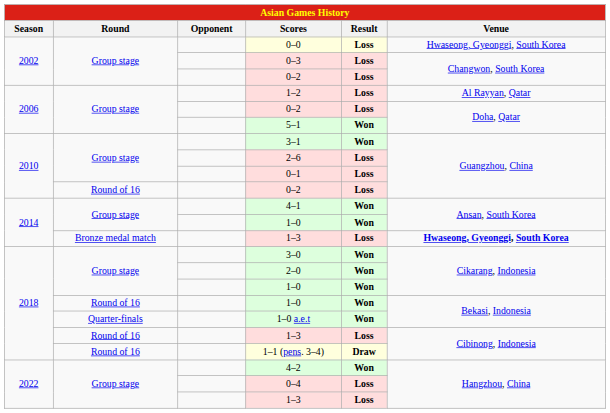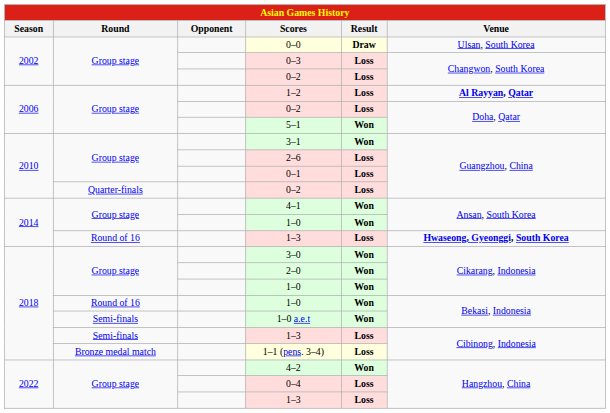 <table class="wikitable collapsible collapsed" style="text-align:center; font-size:90%; width:70%;">
 <tr>
 <th colspan="6" style="background: #DB2017; color: #FFFF00;">Asian Games History</th>
 </tr>
 <tr>
 <th>Season</th>
 <th>Round</th>
 <th>Opponent</th>
 <th>Scores</th>
 <th>Result</th>
 <th>Venue</th>
 </tr>
 <tr>
 <td rowspan="3"><a href='#'>2002</a></td>
 <td rowspan="3"><a href='#'>Group stage</a></td>
 <td style="text-align:left"></td>
 <td style="background:#ffd;">0–0</td>
-<td style="background:#ffd;"><strong>Loss</strong></td>
-<td rowspan="1"> <a href='#'>Hwaseong, Gyeonggi</a>, <a href='#'>South Korea</a></td>
+<td style="background:#ffd;"><strong>Draw</strong></td>
+<td rowspan="1"> <a href='#'>Ulsan</a>, <a href='#'>South Korea</a></td>
 </tr>
 <tr>
 <td style="text-align:left"></td>
 <td style="background:#fdd;">0–3</td>
 <td style="background:#fdd;"><strong>Loss</strong></td>
 <td rowspan="2"> <a href='#'>Changwon</a>, <a href='#'>South Korea</a></td>
 </tr>
 <tr>
 <td style="text-align:left"></td>
 <td style="background:#fdd;">0–2</td>
 <td style="background:#fdd;"><strong>Loss</strong></td>
 </tr>
 <tr>
 <td rowspan="3"><a href='#'>2006</a></td>
 <td rowspan="3"><a href='#'>Group stage</a></td>
 <td style="text-align:left"></td>
 <td style="background:#fdd;">1–2</td>
 <td style="background:#fdd;"><strong>Loss</strong></td>
-<td rowspan="1"> <a href='#'>Al Rayyan</a>, <a href='#'>Qatar</a></td>
+<td rowspan="1"><strong> <a href='#'>Al Rayyan</a>, <a href='#'>Qatar</a></strong></td>
 </tr>
 <tr>
 <td style="text-align:left"></td>
 <td style="background:#fdd;">0–2</td>
 <td style="background:#fdd;"><strong>Loss</strong></td>
 <td rowspan="2"> <a href='#'>Doha</a>, <a href='#'>Qatar</a></td>
 </tr>
 <tr>
 <td style="text-align:left"></td>
 <td style="background:#dfd;">5–1</td>
 <td style="background:#dfd;"><strong>Won</strong></td>
 </tr>
 <tr>
 <td rowspan="4"><a href='#'>2010</a></td>
 <td rowspan="3"><a href='#'>Group stage</a></td>
 <td style="text-align:left"></td>
 <td style="background:#dfd;">3–1</td>
 <td style="background:#dfd;"><strong>Won</strong></td>
 <td rowspan="4"> <a href='#'>Guangzhou</a>, <a href='#'>China</a></td>
 </tr>
 <tr>
 <td style="text-align:left"></td>
 <td style="background:#fdd;">2–6</td>
 <td style="background:#fdd;"><strong>Loss</strong></td>
 </tr>
 <tr>
 <td style="text-align:left"></td>
 <td style="background:#fdd;">0–1</td>
 <td style="background:#fdd;"><strong>Loss</strong></td>
 </tr>
 <tr>
-<td rowspan="1"><a href='#'>Round of 16</a></td>
+<td rowspan="1"><a href='#'>Quarter-finals</a></td>
 <td style="text-align:left"></td>
 <td style="background:#fdd;">0–2</td>
 <td style="background:#fdd;"><strong>Loss</strong></td>
 </tr>
 <tr>
 <td rowspan="3"><a href='#'>2014</a></td>
 <td rowspan="2"><a href='#'>Group stage</a></td>
 <td style="text-align:left"></td>
 <td style="background:#dfd;">4–1</td>
 <td style="background:#dfd;"><strong>Won</strong></td>
 <td rowspan="2"> <a href='#'>Ansan</a>, <a href='#'>South Korea</a></td>
 </tr>
 <tr>
 <td style="text-align:left"></td>
 <td style="background:#dfd;">1–0</td>
 <td style="background:#dfd;"><strong>Won</strong></td>
 </tr>
 <tr>
-<td rowspan="1"><a href='#'>Bronze medal match</a></td>
+<td rowspan="1"><a href='#'>Round of 16</a></td>
 <td style="text-align:left"></td>
 <td style="background:#fdd;">1–3</td>
 <td style="background:#fdd;"><strong>Loss</strong></td>
 <td rowspan="1"><strong> <a href='#'>Hwaseong, Gyeonggi</a>, <a href='#'>South Korea</a></strong></td>
 </tr>
 <tr>
 <td rowspan="7"><a href='#'>2018</a></td>
 <td rowspan="3"><a href='#'>Group stage</a></td>
 <td style="text-align:left"></td>
 <td style="background:#dfd;">3–0</td>
 <td style="background:#dfd;"><strong>Won</strong></td>
 <td rowspan="3"> <a href='#'>Cikarang</a>, <a href='#'>Indonesia</a></td>
 </tr>
 <tr>
 <td style="text-align:left"></td>
 <td style="background:#dfd;">2–0</td>
 <td style="background:#dfd;"><strong>Won</strong></td>
 </tr>
 <tr>
 <td style="text-align:left"></td>
 <td style="background:#dfd;">1–0</td>
 <td style="background:#dfd;"><strong>Won</strong></td>
 </tr>
 <tr>
 <td rowspan="1"><a href='#'>Round of 16</a></td>
 <td style="text-align:left"></td>
 <td style="background:#dfd;">1–0</td>
 <td style="background:#dfd;"><strong>Won</strong></td>
 <td rowspan="2"> <a href='#'>Bekasi</a>, <a href='#'>Indonesia</a></td>
 </tr>
 <tr>
-<td rowspan="1"><a href='#'>Quarter-finals</a></td>
+<td rowspan="1"><a href='#'>Semi-finals</a></td>
 <td style="text-align:left"></td>
 <td style="background:#dfd;">1–0 <a href='#'>a.e.t</a></td>
 <td style="background:#dfd;"><strong>Won</strong></td>
 </tr>
 <tr>
-<td rowspan="1"><a href='#'>Round of 16</a></td>
+<td rowspan="1"><a href='#'>Semi-finals</a></td>
 <td style="text-align:left"></td>
 <td style="background:#fdd;">1–3</td>
 <td style="background:#fdd;"><strong>Loss</strong></td>
 <td rowspan="2"> <a href='#'>Cibinong</a>, <a href='#'>Indonesia</a></td>
 </tr>
 <tr>
-<td rowspan="1"><a href='#'>Round of 16</a></td>
+<td rowspan="1"><a href='#'>Bronze medal match</a></td>
 <td style="text-align:left"></td>
 <td style="background:#ffd;">1–1 (<a href='#'>pens</a>. 3–4)</td>
-<td style="background:#ffd;"><strong>Draw</strong></td>
+<td style="background:#ffd;"><strong>Loss</strong></td>
 </tr>
 <tr>
 <td rowspan="4"><a href='#'>2022</a></td>
 <td rowspan="3"><a href='#'>Group stage</a></td>
 <td style="text-align:left"></td>
 <td style="background:#dfd">4–2</td>
 <td style="background:#dfd"><strong>Won</strong></td>
 <td rowspan="3"> <a href='#'>Hangzhou</a>, <a href='#'>China</a></td>
 </tr>
 <tr>
 <td style="text-align:left"></td>
 <td style="background:#fdd">0–4</td>
 <td style="background:#fdd"><strong>Loss</strong></td>
 </tr>
 <tr>
 <td style="text-align:left"></td>
 <td style="background:#fdd">1–3</td>
 <td style="background:#fdd"><strong>Loss</strong></td>
 </tr>
 </table>
